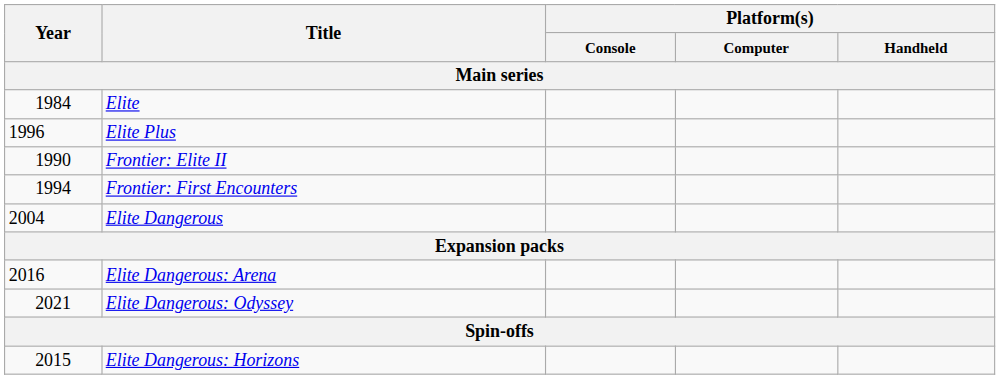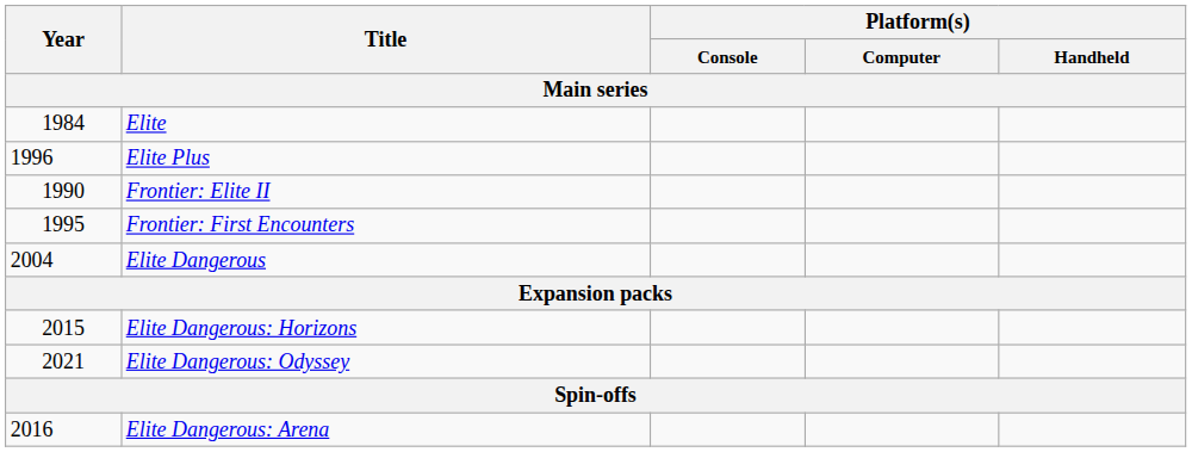 <table class="wikitable" style="width:70%" style="align:center;">
 <tr>
 <th rowspan="2">Year</th>
 <th rowspan="2">Title</th>
 <th colspan="3">Platform(s)</th>
 </tr>
 <tr style="text-align:center;">
 <th><small><strong>Console</strong></small></th>
 <th><small><strong>Computer</strong></small></th>
 <th><small><strong>Handheld</strong></small></th>
 </tr>
 <tr>
 <th colspan="5">Main series</th>
 </tr>
 <tr>
 <td style="text-align:center;">1984</td>
 <td><em><a href='#'>Elite</a></em></td>
 <td></td>
 <td></td>
 <td></td>
 </tr>
 <tr>
 <td>1996</td>
 <td><em><a href='#'>Elite Plus</a></em></td>
 <td></td>
 <td></td>
 <td></td>
 </tr>
 <tr>
 <td style="text-align:center;">1990</td>
 <td><em><a href='#'>Frontier: Elite II</a></em></td>
 <td></td>
 <td></td>
 <td></td>
 </tr>
 <tr>
-<td style="text-align:center;">1994</td>
+<td style="text-align:center;">1995</td>
 <td><em><a href='#'>Frontier: First Encounters</a></em></td>
 <td></td>
 <td></td>
 <td></td>
 </tr>
 <tr>
 <td>2004</td>
 <td><em><a href='#'>Elite Dangerous</a></em></td>
 <td></td>
 <td></td>
 <td></td>
 </tr>
 <tr>
 <th colspan="5">Expansion packs</th>
 </tr>
 <tr>
-<td>2016</td>
-<td><em><a href='#'>Elite Dangerous: Arena</a></em></td>
+<td style="text-align:center;">2015</td>
+<td><em><a href='#'>Elite Dangerous: Horizons</a></em></td>
 <td></td>
 <td></td>
 <td></td>
 </tr>
 <tr>
 <td style="text-align:center;">2021</td>
 <td><em><a href='#'>Elite Dangerous: Odyssey</a></em></td>
 <td></td>
 <td></td>
 <td></td>
 </tr>
 <tr>
 <th colspan="5">Spin-offs</th>
 </tr>
 <tr>
-<td style="text-align:center;">2015</td>
-<td><em><a href='#'>Elite Dangerous: Horizons</a></em></td>
+<td>2016</td>
+<td><em><a href='#'>Elite Dangerous: Arena</a></em></td>
 <td></td>
 <td></td>
 <td></td>
 </tr>
 </table>
